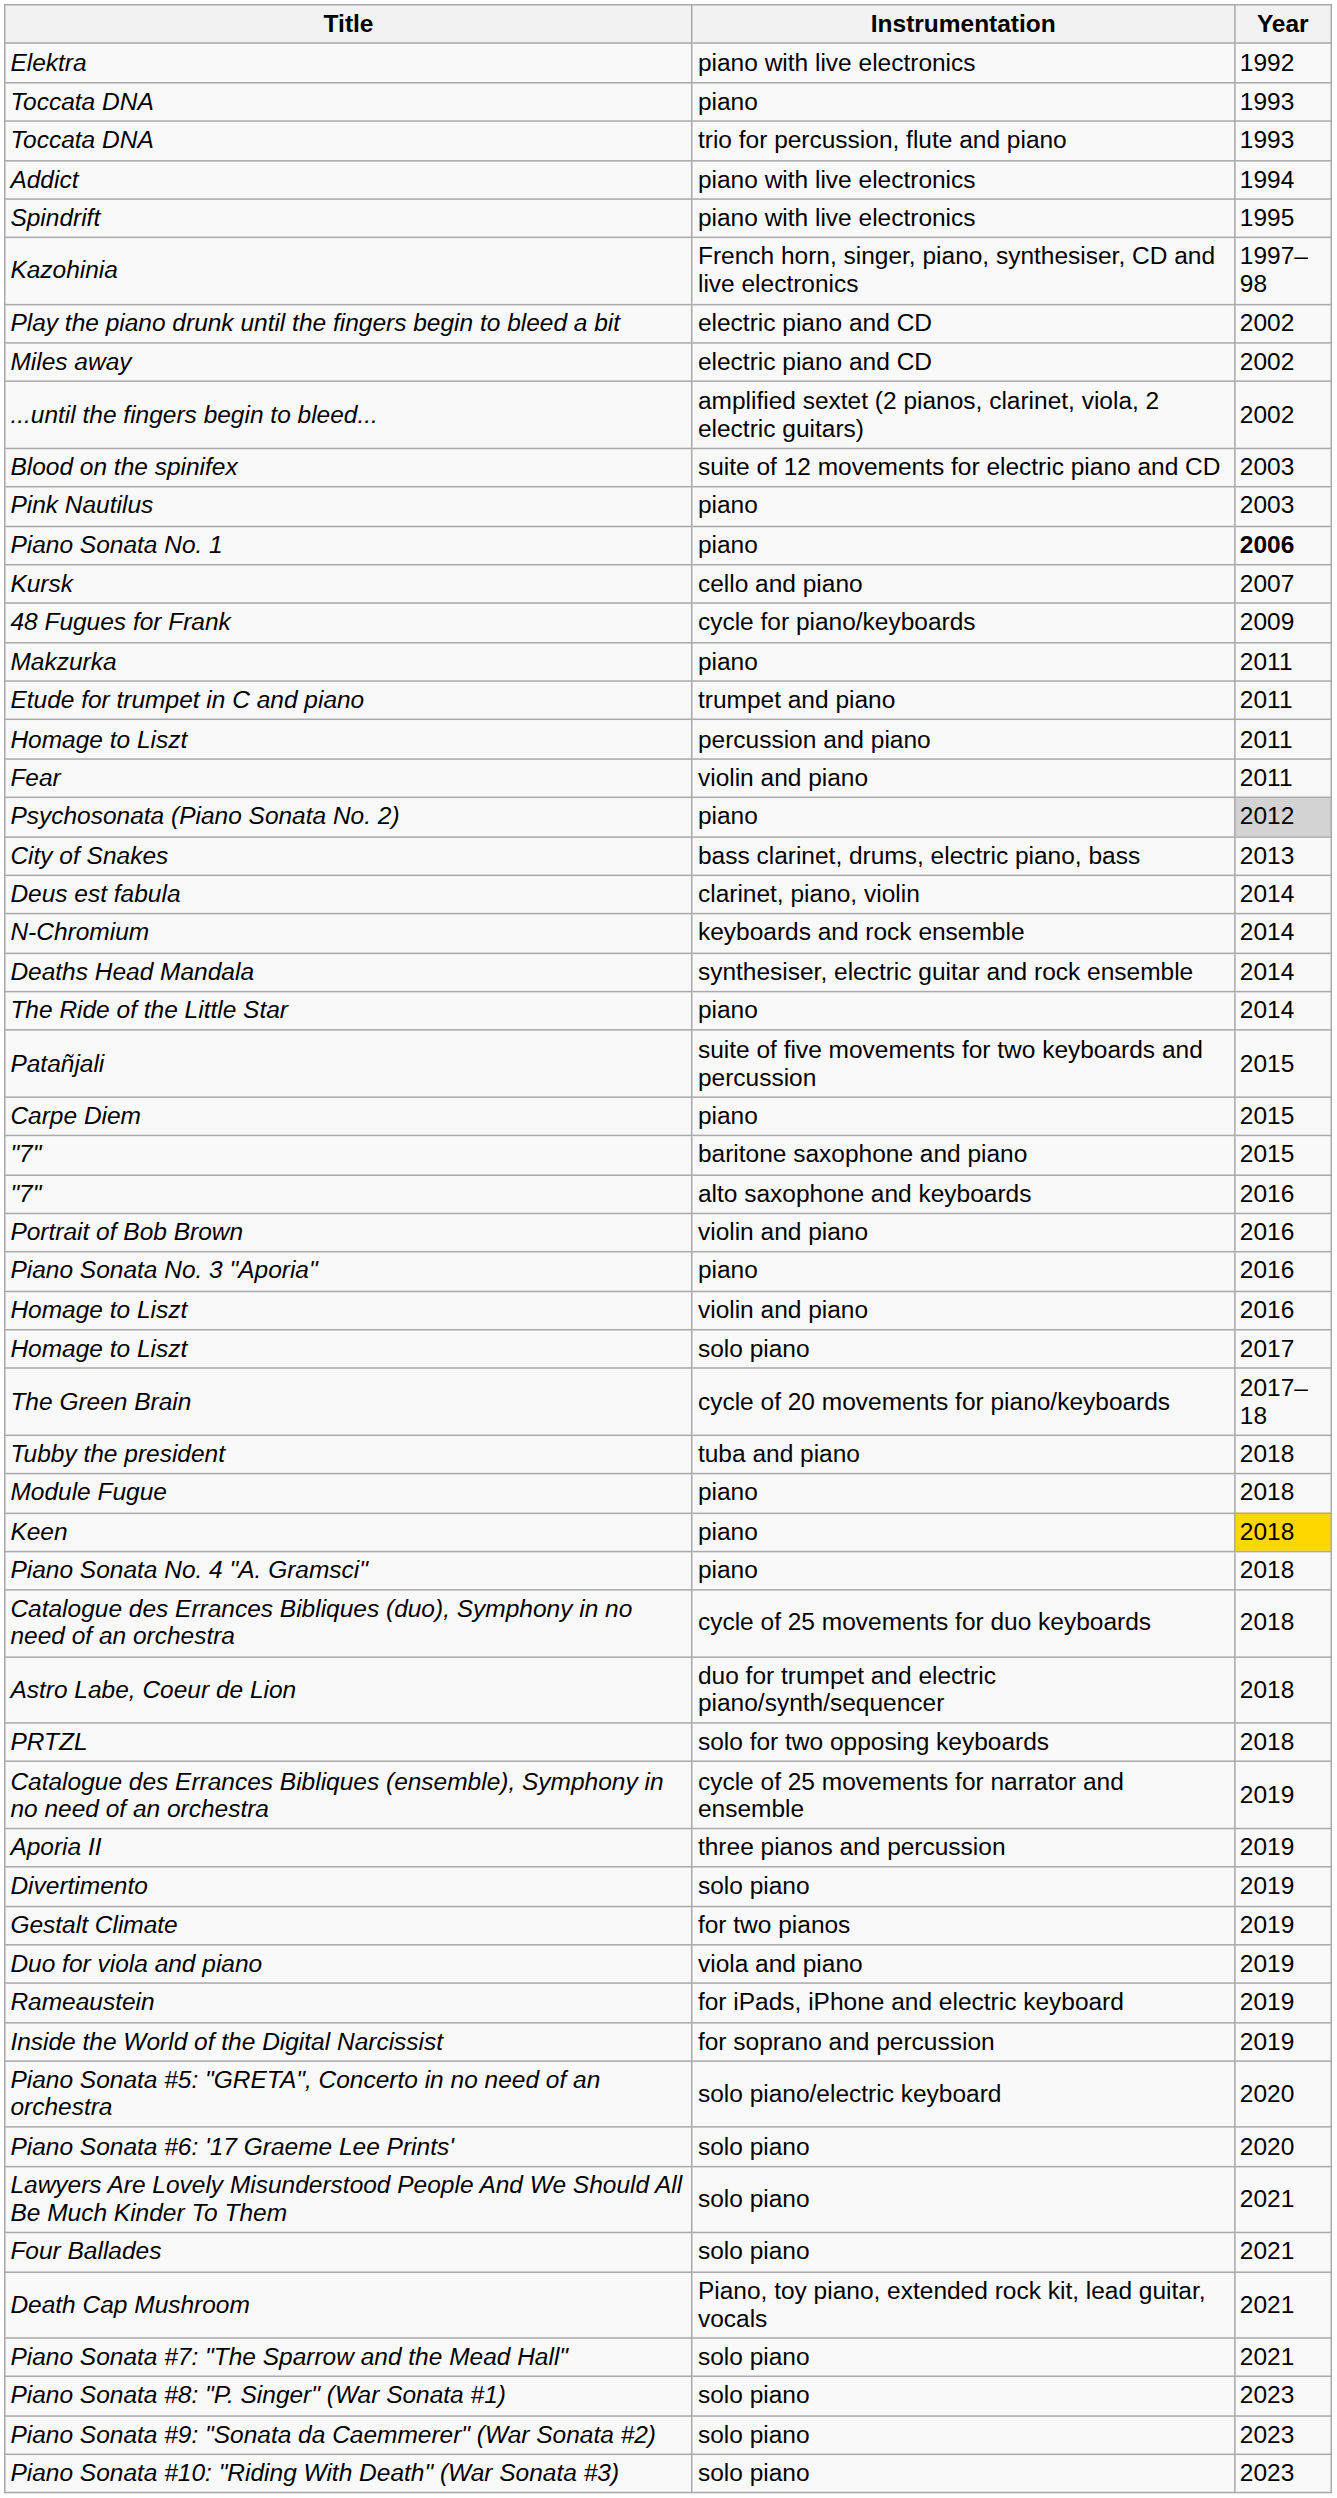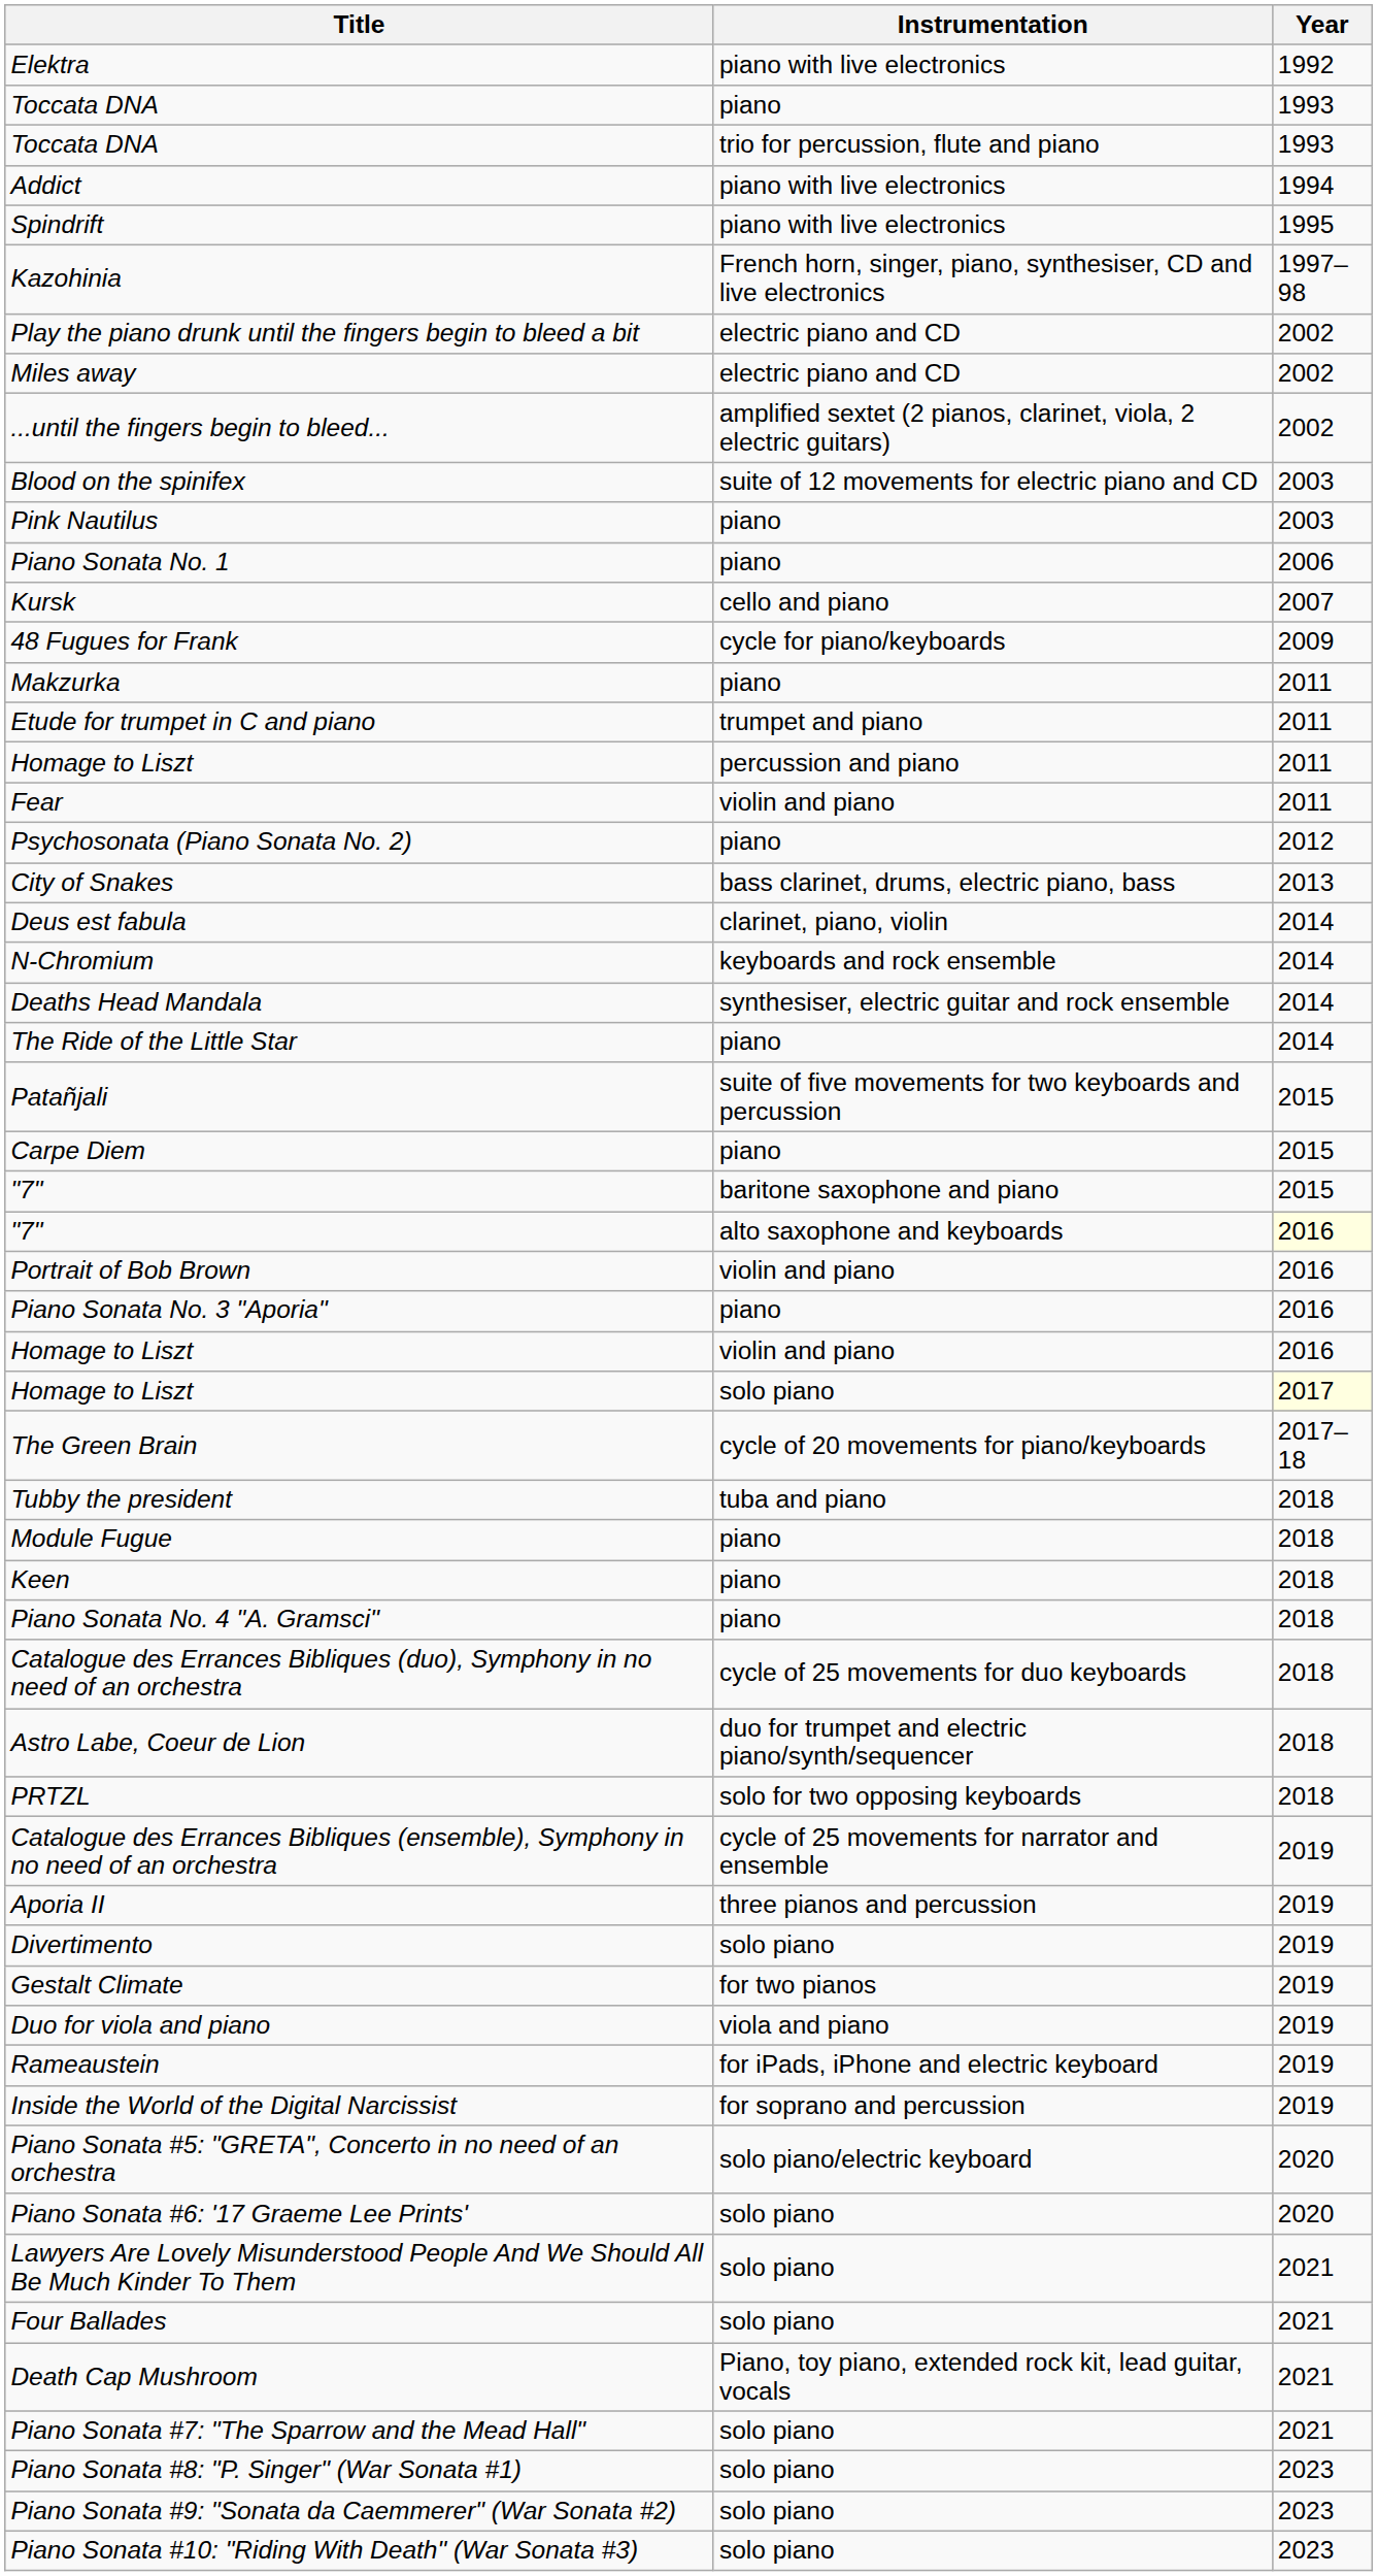 <table class = "wikitable sortable">
 <tr>
 <th>Title</th>
 <th>Instrumentation</th>
 <th>Year</th>
 </tr>
 <tr>
 <td><em>Elektra</em></td>
 <td>piano with live electronics</td>
 <td>1992</td>
 </tr>
 <tr>
 <td><em>Toccata DNA</em></td>
 <td>piano</td>
 <td>1993</td>
 </tr>
 <tr>
 <td><em>Toccata DNA</em></td>
 <td>trio for percussion, flute and piano</td>
 <td>1993</td>
 </tr>
 <tr>
 <td><em>Addict</em></td>
 <td>piano with live electronics</td>
 <td>1994</td>
 </tr>
 <tr>
 <td><em>Spindrift</em></td>
 <td>piano with live electronics</td>
 <td>1995</td>
 </tr>
 <tr>
 <td><em>Kazohinia</em></td>
 <td>French horn, singer, piano, synthesiser, CD and live electronics</td>
 <td>1997–98</td>
 </tr>
 <tr>
 <td><em>Play the piano drunk until the fingers begin to bleed a bit</em></td>
 <td>electric piano and CD</td>
 <td>2002</td>
 </tr>
 <tr>
 <td><em>Miles away</em></td>
 <td>electric piano and CD</td>
 <td>2002</td>
 </tr>
 <tr>
 <td><em>...until the fingers begin to bleed...</em></td>
 <td>amplified sextet (2 pianos, clarinet, viola, 2 electric guitars)</td>
 <td>2002</td>
 </tr>
 <tr>
 <td><em>Blood on the spinifex</em></td>
 <td>suite of 12 movements for electric piano and CD</td>
 <td>2003</td>
 </tr>
 <tr>
 <td><em>Pink Nautilus</em></td>
 <td>piano</td>
 <td>2003</td>
 </tr>
 <tr>
 <td><em>Piano Sonata No. 1</em></td>
 <td>piano</td>
-<td><strong>2006</strong></td>
+<td>2006</td>
 </tr>
 <tr>
 <td><em>Kursk</em></td>
 <td>cello and piano</td>
 <td>2007</td>
 </tr>
 <tr>
 <td><em>48 Fugues for Frank</em></td>
 <td>cycle for piano/keyboards</td>
 <td>2009</td>
 </tr>
 <tr>
 <td><em>Makzurka</em></td>
 <td>piano</td>
 <td>2011</td>
 </tr>
 <tr>
 <td><em>Etude for trumpet in C and piano</em></td>
 <td>trumpet and piano</td>
 <td>2011</td>
 </tr>
 <tr>
 <td><em>Homage to Liszt</em></td>
 <td>percussion and piano</td>
 <td>2011</td>
 </tr>
 <tr>
 <td><em>Fear</em></td>
 <td>violin and piano</td>
 <td>2011</td>
 </tr>
 <tr>
 <td><em>Psychosonata (Piano Sonata No. 2)</em></td>
 <td>piano</td>
-<td style="background: lightgrey;">2012</td>
+<td>2012</td>
 </tr>
 <tr>
 <td><em>City of Snakes</em></td>
 <td>bass clarinet, drums, electric piano, bass</td>
 <td>2013</td>
 </tr>
 <tr>
 <td><em>Deus est fabula</em></td>
 <td>clarinet, piano, violin</td>
 <td>2014</td>
 </tr>
 <tr>
 <td><em>N-Chromium</em></td>
 <td>keyboards and rock ensemble</td>
 <td>2014</td>
 </tr>
 <tr>
 <td><em>Deaths Head Mandala</em></td>
 <td>synthesiser, electric guitar and rock ensemble</td>
 <td>2014</td>
 </tr>
 <tr>
 <td><em>The Ride of the Little Star</em></td>
 <td>piano</td>
 <td>2014</td>
 </tr>
 <tr>
 <td><em>Patañjali</em></td>
 <td>suite of five movements for two keyboards and percussion</td>
 <td>2015</td>
 </tr>
 <tr>
 <td><em>Carpe Diem</em></td>
 <td>piano</td>
 <td>2015</td>
 </tr>
 <tr>
 <td><em>"7"</em></td>
 <td>baritone saxophone and piano</td>
 <td>2015</td>
 </tr>
 <tr>
 <td><em>"7"</em></td>
 <td>alto saxophone and keyboards</td>
-<td>2016</td>
+<td style="background: lightyellow;">2016</td>
 </tr>
 <tr>
 <td><em>Portrait of Bob Brown</em></td>
 <td>violin and piano</td>
 <td>2016</td>
 </tr>
 <tr>
 <td><em>Piano Sonata No. 3 "Aporia"</em></td>
 <td>piano</td>
 <td>2016</td>
 </tr>
 <tr>
 <td><em>Homage to Liszt</em></td>
 <td>violin and piano</td>
 <td>2016</td>
 </tr>
 <tr>
 <td><em>Homage to Liszt</em></td>
 <td>solo piano</td>
-<td>2017</td>
+<td style="background: lightyellow;">2017</td>
 </tr>
 <tr>
 <td><em>The Green Brain</em></td>
 <td>cycle of 20 movements for piano/keyboards</td>
 <td>2017–18</td>
 </tr>
 <tr>
 <td><em>Tubby the president</em></td>
 <td>tuba and piano</td>
 <td>2018</td>
 </tr>
 <tr>
 <td><em>Module Fugue</em></td>
 <td>piano</td>
 <td>2018</td>
 </tr>
 <tr>
 <td><em>Keen</em></td>
 <td>piano</td>
-<td style="background: gold;">2018</td>
+<td>2018</td>
 </tr>
 <tr>
 <td><em>Piano Sonata No. 4 "A. Gramsci"</em></td>
 <td>piano</td>
 <td>2018</td>
 </tr>
 <tr>
 <td><em>Catalogue des Errances Bibliques (duo), Symphony in no need of an orchestra</em></td>
 <td>cycle of 25 movements for duo keyboards</td>
 <td>2018</td>
 </tr>
 <tr>
 <td><em>Astro Labe, Coeur de Lion</em></td>
 <td>duo for trumpet and electric piano/synth/sequencer</td>
 <td>2018</td>
 </tr>
 <tr>
 <td><em>PRTZL</em></td>
 <td>solo for two opposing keyboards</td>
 <td>2018</td>
 </tr>
 <tr>
 <td><em>Catalogue des Errances Bibliques (ensemble), Symphony in no need of an orchestra</em></td>
 <td>cycle of 25 movements for narrator and ensemble</td>
 <td>2019</td>
 </tr>
 <tr>
 <td><em>Aporia II</em></td>
 <td>three pianos and percussion</td>
 <td>2019</td>
 </tr>
 <tr>
 <td><em>Divertimento</em></td>
 <td>solo piano</td>
 <td>2019</td>
 </tr>
 <tr>
 <td><em>Gestalt Climate</em></td>
 <td>for two pianos</td>
 <td>2019</td>
 </tr>
 <tr>
 <td><em>Duo for viola and piano</em></td>
 <td>viola and piano</td>
 <td>2019</td>
 </tr>
 <tr>
 <td><em>Rameaustein</em></td>
 <td>for iPads, iPhone and electric keyboard</td>
 <td>2019</td>
 </tr>
 <tr>
 <td><em>Inside the World of the Digital Narcissist</em></td>
 <td>for soprano and percussion</td>
 <td>2019</td>
 </tr>
 <tr>
 <td><em>Piano Sonata #5: "GRETA", Concerto in no need of an orchestra</em></td>
 <td>solo piano/electric keyboard</td>
 <td>2020</td>
 </tr>
 <tr>
 <td><em>Piano Sonata #6: '17 Graeme Lee Prints' </em></td>
 <td>solo piano</td>
 <td>2020</td>
 </tr>
 <tr>
 <td><em>Lawyers Are Lovely Misunderstood People And We Should All Be Much Kinder To Them </em></td>
 <td>solo piano</td>
 <td>2021</td>
 </tr>
 <tr>
 <td><em>Four Ballades</em></td>
 <td>solo piano</td>
 <td>2021</td>
 </tr>
 <tr>
 <td><em>Death Cap Mushroom</em></td>
 <td>Piano, toy piano, extended rock kit, lead guitar, vocals</td>
 <td>2021</td>
 </tr>
 <tr>
 <td><em>Piano Sonata #7: "The Sparrow and the Mead Hall" </em></td>
 <td>solo piano</td>
 <td>2021</td>
 </tr>
 <tr>
 <td><em>Piano Sonata #8: "P. Singer" (War Sonata #1)</em></td>
 <td>solo piano</td>
 <td>2023</td>
 </tr>
 <tr>
 <td><em>Piano Sonata #9: "Sonata da Caemmerer" (War Sonata #2)</em></td>
 <td>solo piano</td>
 <td>2023</td>
 </tr>
 <tr>
 <td><em>Piano Sonata #10: "Riding With Death" (War Sonata #3)</em></td>
 <td>solo piano</td>
 <td>2023</td>
 </tr>
 </table>
